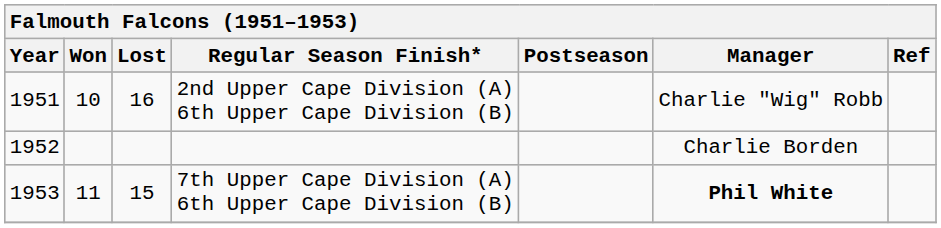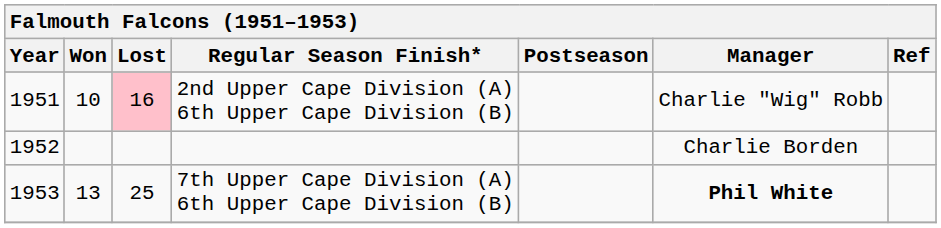 <table class="wikitable" style="text-align:center">
 <tr>
 <th style="text-align:left" colspan="7"><strong><span>Falmouth Falcons (1951–1953)</span></strong></th>
 </tr>
 <tr>
 <th scope="col">Year</th>
 <th scope="col">Won</th>
 <th scope="col">Lost</th>
 <th scope="col">Regular Season Finish*</th>
 <th scope="col">Postseason</th>
 <th scope="col">Manager</th>
 <th scope="col">Ref</th>
 </tr>
 <tr>
 <td>1951</td>
 <td>10</td>
-<td>16</td>
+<td style="background: pink;">16</td>
 <td>2nd Upper Cape Division (A)<br>6th Upper Cape Division (B)</td>
 <td></td>
 <td>Charlie "Wig" Robb</td>
 <td></td>
 </tr>
 <tr>
 <td>1952</td>
 <td></td>
 <td></td>
 <td></td>
 <td></td>
 <td>Charlie Borden</td>
 <td></td>
 </tr>
 <tr>
 <td>1953</td>
-<td>11</td>
-<td>15</td>
+<td>13</td>
+<td>25</td>
 <td>7th Upper Cape Division (A)<br>6th Upper Cape Division (B)</td>
 <td></td>
 <td><strong>Phil White</strong></td>
 <td></td>
 </tr>
 <tr>
 </tr>
 </table>
